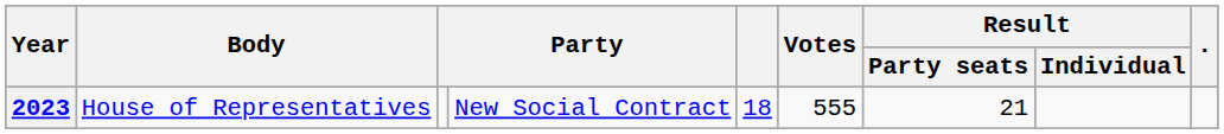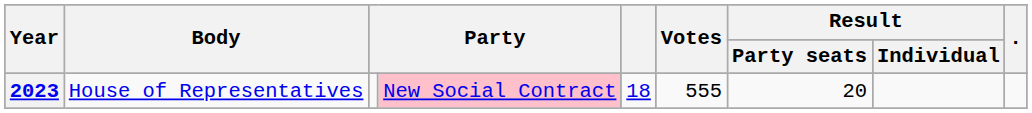 <table class="wikitable plainrowheaders sortable" border=2 cellpadding=4 cellspacing=0 style="border: 1px #aaa solid; font-size: 90%; text-align:center;">
 <tr>
 <th scope="col" rowspan=2>Year</th>
 <th scope="col" rowspan=2>Body</th>
 <th scope="col" colspan=2 rowspan=2>Party</th>
 <th scope="col" rowspan=2></th>
 <th scope="col" rowspan=2>Votes</th>
 <th scope="colgroup" colspan=2>Result</th>
 <th scope="col" rowspan=2 class="unsortable">.</th>
 </tr>
 <tr>
 <th scope="col">Party seats</th>
 <th scope="col">Individual</th>
 </tr>
 <tr>
 <th scope="row"><a href='#'>2023</a></th>
 <td><a href='#'>House of Representatives</a></td>
 <td style="background-color:"></td>
-<td><a href='#'>New Social Contract</a></td>
+<td style="background: pink;"><a href='#'>New Social Contract</a></td>
 <td style=text-align:right><a href='#'>18</a></td>
 <td style=text-align:right>555</td>
-<td style=text-align:right>21</td>
+<td style=text-align:right>20</td>
 <td></td>
 <td></td>
 </tr>
 </table>
